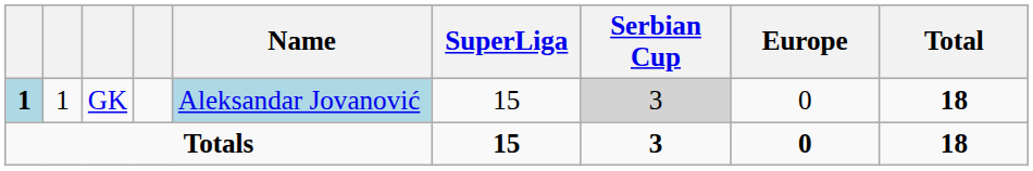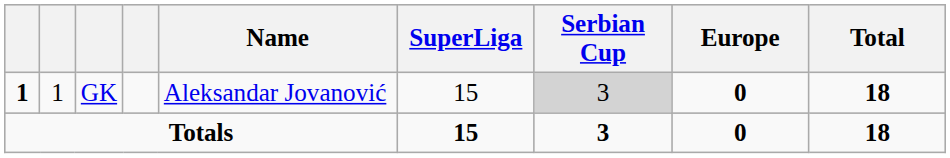 <table class="wikitable" style="text-align:center">
 <tr>
 <th width=15></th>
 <th width=15></th>
 <th width=15></th>
 <th width=15></th>
 <th width=145>Name</th>
 <th width=80><strong><a href='#'>SuperLiga</a></strong></th>
 <th width=80><strong><a href='#'>Serbian Cup</a></strong></th>
 <th width=80><strong>Europe</strong></th>
 <th width=80>Total</th>
 </tr>
 <tr>
-<td style="background: lightblue;"><strong>1</strong></td>
+<td><strong>1</strong></td>
 <td>1</td>
 <td><a href='#'>GK</a></td>
 <td></td>
-<td align=left style="background: lightblue;"><a href='#'>Aleksandar Jovanović</a></td>
+<td align=left><a href='#'>Aleksandar Jovanović</a></td>
 <td>15</td>
 <td style="background: lightgrey;">3</td>
-<td>0</td>
+<td><strong>0</strong></td>
 <td><strong>18</strong></td>
 </tr>
 <tr>
 <td colspan=5><strong>Totals</strong></td>
 <td><strong>15</strong></td>
 <td><strong>3</strong></td>
 <td><strong>0</strong></td>
 <td><strong>18</strong></td>
 </tr>
 </table>
